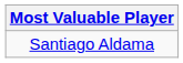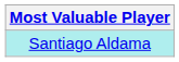 <table class=wikitable style="text-align:center; margin:auto">
 <tr>
 <th><a href='#'>Most Valuable Player</a></th>
 </tr>
 <tr>
-<td> <a href='#'>Santiago Aldama</a></td>
+<td style="background: paleturquoise;"> <a href='#'>Santiago Aldama</a></td>
 </tr>
 </table>
